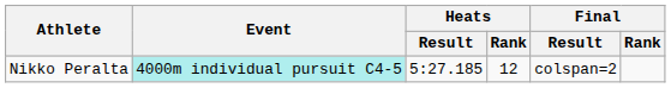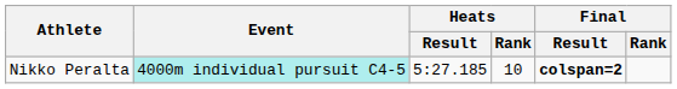 <table class=wikitable style="font-size:90%">
 <tr>
 <th rowspan=2>Athlete</th>
 <th rowspan=2>Event</th>
 <th colspan=2>Heats</th>
 <th colspan=2>Final</th>
 </tr>
 <tr>
 <th>Result</th>
 <th>Rank</th>
 <th>Result</th>
 <th>Rank</th>
 </tr>
 <tr align=center>
 <td align=left>Nikko Peralta</td>
 <td align=left style="background: paleturquoise;">4000m individual pursuit C4-5</td>
 <td>5:27.185</td>
-<td>12</td>
-<td>colspan=2 </td>
+<td>10</td>
+<td><strong>colspan=2 </strong></td>
 </tr>
 </table>
